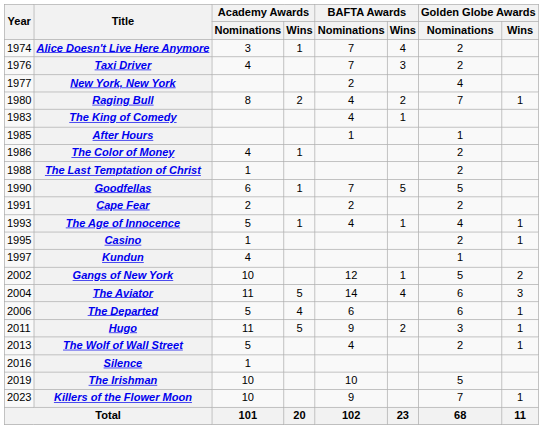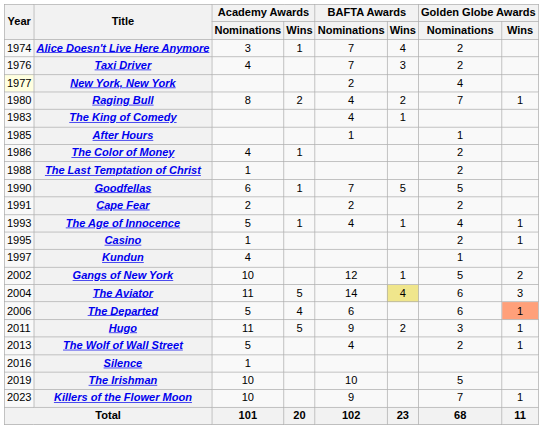 <table class="wikitable plainrowheaders">
 <tr>
 <th scope="col" rowspan="2">Year</th>
 <th scope="col" rowspan="2">Title</th>
 <th scope="colgroup" colspan="2" style="text-align:center;">Academy Awards</th>
 <th scope="colgroup" colspan="2" style="text-align:center;">BAFTA Awards</th>
 <th scope="colgroup" colspan="2" style="text-align:center;">Golden Globe Awards</th>
 </tr>
 <tr>
 <th scope="col">Nominations</th>
 <th scope="col">Wins</th>
 <th scope="col">Nominations</th>
 <th scope="col">Wins</th>
 <th scope="col">Nominations</th>
 <th scope="col">Wins</th>
 </tr>
 <tr>
 <td>1974</td>
 <th scope="row"><em><a href='#'>Alice Doesn't Live Here Anymore</a></em></th>
 <td align=center>3</td>
 <td align=center>1</td>
 <td align=center>7</td>
 <td align=center>4</td>
 <td align=center>2</td>
 <td></td>
 </tr>
 <tr>
 <td>1976</td>
 <th scope="row"><em><a href='#'>Taxi Driver</a></em></th>
 <td align=center>4</td>
 <td></td>
 <td align=center>7</td>
 <td align=center>3</td>
 <td align=center>2</td>
 <td></td>
 </tr>
 <tr>
-<td>1977</td>
+<td style="background: lightyellow;">1977</td>
 <th scope="row"><em><a href='#'>New York, New York</a></em></th>
 <td></td>
 <td></td>
 <td align=center>2</td>
 <td></td>
 <td align=center>4</td>
 <td></td>
 </tr>
 <tr>
 <td>1980</td>
 <th scope="row"><em><a href='#'>Raging Bull</a></em></th>
 <td align=center>8</td>
 <td align=center>2</td>
 <td align=center>4</td>
 <td align=center>2</td>
 <td align=center>7</td>
 <td align=center>1</td>
 </tr>
 <tr>
 <td>1983</td>
 <th scope="row"><em><a href='#'>The King of Comedy</a></em></th>
 <td></td>
 <td></td>
 <td align=center>4</td>
 <td align=center>1</td>
 <td></td>
 <td></td>
 </tr>
 <tr>
 <td>1985</td>
 <th scope="row"><em><a href='#'>After Hours</a></em></th>
 <td></td>
 <td></td>
 <td align=center>1</td>
 <td></td>
 <td align=center>1</td>
 <td></td>
 </tr>
 <tr>
 <td>1986</td>
 <th scope="row"><em><a href='#'>The Color of Money</a></em></th>
 <td align=center>4</td>
 <td align=center>1</td>
 <td></td>
 <td></td>
 <td align=center>2</td>
 <td></td>
 </tr>
 <tr>
 <td>1988</td>
 <th scope="row"><em><a href='#'>The Last Temptation of Christ</a></em></th>
 <td align=center>1</td>
 <td></td>
 <td></td>
 <td></td>
 <td align=center>2</td>
 <td></td>
 </tr>
 <tr>
 <td>1990</td>
 <th scope="row"><em><a href='#'>Goodfellas</a></em></th>
 <td align=center>6</td>
 <td align=center>1</td>
 <td align=center>7</td>
 <td align=center>5</td>
 <td align=center>5</td>
 <td></td>
 </tr>
 <tr>
 <td>1991</td>
 <th scope="row"><em><a href='#'>Cape Fear</a></em></th>
 <td align=center>2</td>
 <td></td>
 <td align=center>2</td>
 <td></td>
 <td align=center>2</td>
 <td></td>
 </tr>
 <tr>
 <td>1993</td>
 <th scope="row"><em><a href='#'>The Age of Innocence</a></em></th>
 <td align=center>5</td>
 <td align=center>1</td>
 <td align=center>4</td>
 <td align=center>1</td>
 <td align=center>4</td>
 <td align=center>1</td>
 </tr>
 <tr>
 <td>1995</td>
 <th scope="row"><em><a href='#'>Casino</a></em></th>
 <td align=center>1</td>
 <td></td>
 <td></td>
 <td></td>
 <td align=center>2</td>
 <td align=center>1</td>
 </tr>
 <tr>
 <td>1997</td>
 <th scope="row"><em><a href='#'>Kundun</a></em></th>
 <td align=center>4</td>
 <td></td>
 <td></td>
 <td></td>
 <td align=center>1</td>
 <td></td>
 </tr>
 <tr>
 <td>2002</td>
 <th scope="row"><em><a href='#'>Gangs of New York</a></em></th>
 <td align=center>10</td>
 <td></td>
 <td align=center>12</td>
 <td align=center>1</td>
 <td align=center>5</td>
 <td align=center>2</td>
 </tr>
 <tr>
 <td>2004</td>
 <th scope="row"><em><a href='#'>The Aviator</a></em></th>
 <td align=center>11</td>
 <td align=center>5</td>
 <td align=center>14</td>
-<td align=center>4</td>
+<td align=center style="background: khaki;">4</td>
 <td align=center>6</td>
 <td align=center>3</td>
 </tr>
 <tr>
 <td>2006</td>
 <th scope="row"><em><a href='#'>The Departed</a></em></th>
 <td align=center>5</td>
 <td align=center>4</td>
 <td align=center>6</td>
 <td></td>
 <td align=center>6</td>
-<td align=center>1</td>
+<td align=center style="background: lightsalmon;">1</td>
 </tr>
 <tr>
 <td>2011</td>
 <th scope="row"><em><a href='#'>Hugo</a></em></th>
 <td align=center>11</td>
 <td align=center>5</td>
 <td align=center>9</td>
 <td align=center>2</td>
 <td align=center>3</td>
 <td align=center>1</td>
 </tr>
 <tr>
 <td>2013</td>
 <th scope="row"><em><a href='#'>The Wolf of Wall Street</a></em></th>
 <td align=center>5</td>
 <td align=center></td>
 <td align=center>4</td>
 <td align=center></td>
 <td align=center>2</td>
 <td align=center>1</td>
 </tr>
 <tr>
 <td>2016</td>
 <th scope="row"><em><a href='#'>Silence</a></em></th>
 <td align=center>1</td>
 <td align=center></td>
 <td align=center></td>
 <td align=center></td>
 <td align=center></td>
 <td align=center></td>
 </tr>
 <tr>
 <td>2019</td>
 <th scope="row"><em><a href='#'>The Irishman</a></em></th>
 <td align=center>10</td>
 <td align=center></td>
 <td align=center>10</td>
 <td align=center></td>
 <td align=center>5</td>
 <td align=center></td>
 </tr>
 <tr>
 <td>2023</td>
 <th scope="row"><em><a href='#'>Killers of the Flower Moon</a></em></th>
 <td align=center>10</td>
 <td align=center></td>
 <td align=center>9</td>
 <td align=center></td>
 <td align=center>7</td>
 <td align=center>1</td>
 </tr>
 <tr>
 <th scope="row" colspan="2">Total</th>
 <th align=center>101</th>
 <th align=center>20</th>
 <th align=center>102</th>
 <th align=center>23</th>
 <th align=center>68</th>
 <th align=center>11</th>
 </tr>
 </table>
